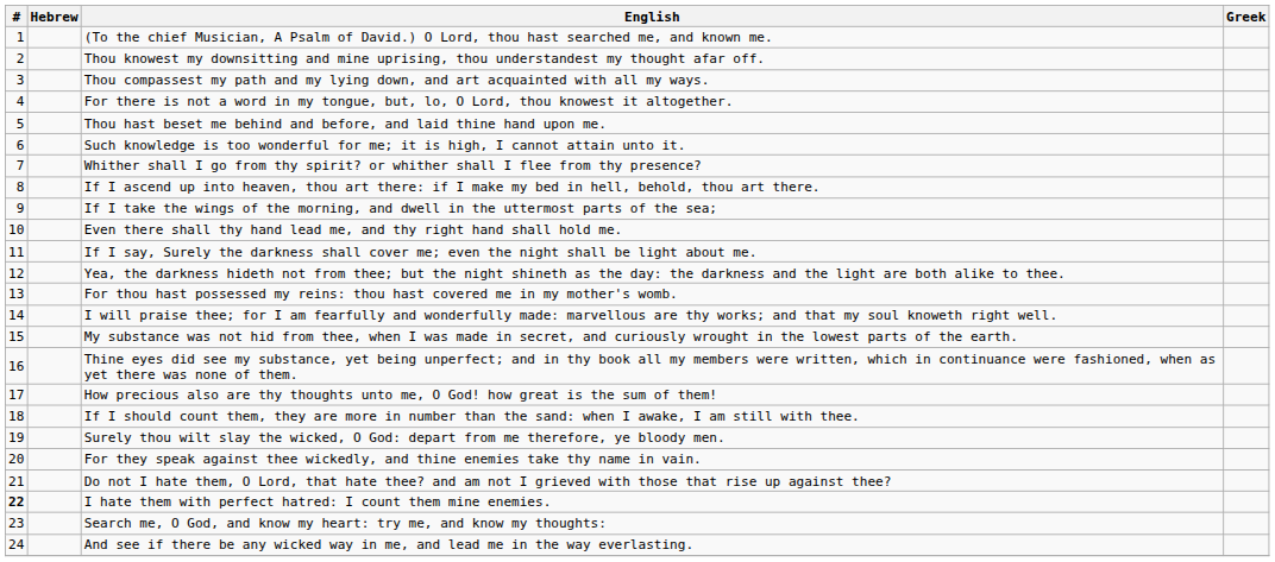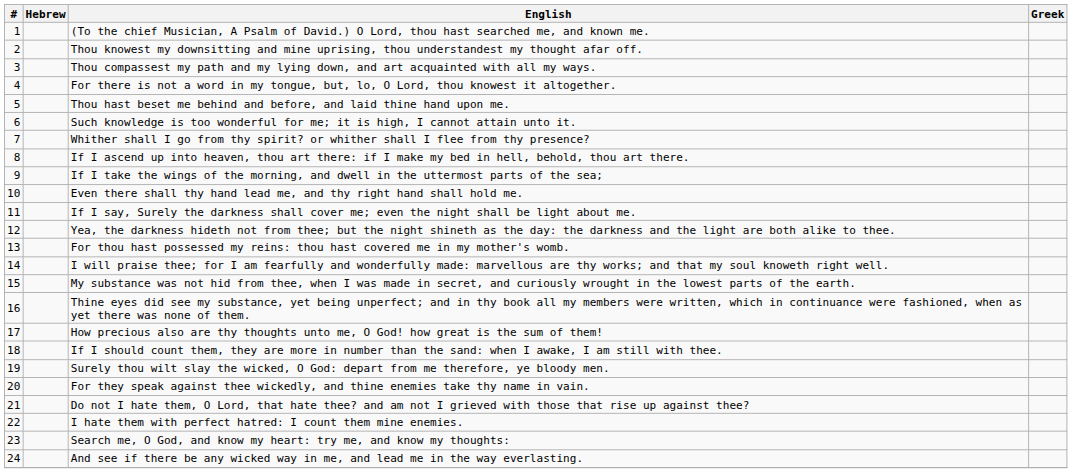 <table class=wikitable>
 <tr>
 <th>#</th>
 <th>Hebrew</th>
 <th>English</th>
 <th>Greek</th>
 </tr>
 <tr>
 <td style="text-align:right">1</td>
 <td style="text-align:right"></td>
 <td>(To the chief Musician, A Psalm of David.) O Lord, thou hast searched me, and known me.</td>
 <td></td>
 </tr>
 <tr>
 <td style="text-align:right">2</td>
 <td style="text-align:right"></td>
 <td>Thou knowest my downsitting and mine uprising, thou understandest my thought afar off.</td>
 <td></td>
 </tr>
 <tr>
 <td style="text-align:right">3</td>
 <td style="text-align:right"></td>
 <td>Thou compassest my path and my lying down, and art acquainted with all my ways.</td>
 <td></td>
 </tr>
 <tr>
 <td style="text-align:right">4</td>
 <td style="text-align:right"></td>
 <td>For there is not a word in my tongue, but, lo, O Lord, thou knowest it altogether.</td>
 <td></td>
 </tr>
 <tr>
 <td style="text-align:right">5</td>
 <td style="text-align:right"></td>
 <td>Thou hast beset me behind and before, and laid thine hand upon me.</td>
 <td></td>
 </tr>
 <tr>
 <td style="text-align:right">6</td>
 <td style="text-align:right"></td>
 <td>Such knowledge is too wonderful for me; it is high, I cannot attain unto it.</td>
 <td></td>
 </tr>
 <tr>
 <td style="text-align:right">7</td>
 <td style="text-align:right"></td>
 <td>Whither shall I go from thy spirit? or whither shall I flee from thy presence?</td>
 <td></td>
 </tr>
 <tr>
 <td style="text-align:right">8</td>
 <td style="text-align:right"></td>
 <td>If I ascend up into heaven, thou art there: if I make my bed in hell, behold, thou art there.</td>
 <td></td>
 </tr>
 <tr>
 <td style="text-align:right">9</td>
 <td style="text-align:right"></td>
 <td>If I take the wings of the morning, and dwell in the uttermost parts of the sea;</td>
 <td></td>
 </tr>
 <tr>
 <td style="text-align:right">10</td>
 <td style="text-align:right"></td>
 <td>Even there shall thy hand lead me, and thy right hand shall hold me.</td>
 <td></td>
 </tr>
 <tr>
 <td style="text-align:right">11</td>
 <td style="text-align:right"></td>
 <td>If I say, Surely the darkness shall cover me; even the night shall be light about me.</td>
 <td></td>
 </tr>
 <tr>
 <td style="text-align:right">12</td>
 <td style="text-align:right"></td>
 <td>Yea, the darkness hideth not from thee; but the night shineth as the day: the darkness and the light are both alike to thee.</td>
 <td></td>
 </tr>
 <tr>
 <td style="text-align:right">13</td>
 <td style="text-align:right"></td>
 <td>For thou hast possessed my reins: thou hast covered me in my mother's womb.</td>
 <td></td>
 </tr>
 <tr>
 <td style="text-align:right">14</td>
 <td style="text-align:right"></td>
 <td>I will praise thee; for I am fearfully and wonderfully made: marvellous are thy works; and that my soul knoweth right well.</td>
 <td></td>
 </tr>
 <tr>
 <td style="text-align:right">15</td>
 <td style="text-align:right"></td>
 <td>My substance was not hid from thee, when I was made in secret, and curiously wrought in the lowest parts of the earth.</td>
 <td></td>
 </tr>
 <tr>
 <td style="text-align:right">16</td>
 <td style="text-align:right"></td>
 <td>Thine eyes did see my substance, yet being unperfect; and in thy book all my members were written, which in continuance were fashioned, when as yet there was none of them.</td>
 <td></td>
 </tr>
 <tr>
 <td style="text-align:right">17</td>
 <td style="text-align:right"></td>
 <td>How precious also are thy thoughts unto me, O God! how great is the sum of them!</td>
 <td></td>
 </tr>
 <tr>
 <td style="text-align:right">18</td>
 <td style="text-align:right"></td>
 <td>If I should count them, they are more in number than the sand: when I awake, I am still with thee.</td>
 <td></td>
 </tr>
 <tr>
 <td style="text-align:right">19</td>
 <td style="text-align:right"></td>
 <td>Surely thou wilt slay the wicked, O God: depart from me therefore, ye bloody men.</td>
 <td></td>
 </tr>
 <tr>
 <td style="text-align:right">20</td>
 <td style="text-align:right"></td>
 <td>For they speak against thee wickedly, and thine enemies take thy name in vain.</td>
 <td></td>
 </tr>
 <tr>
 <td style="text-align:right">21</td>
 <td style="text-align:right"></td>
 <td>Do not I hate them, O Lord, that hate thee? and am not I grieved with those that rise up against thee?</td>
 <td></td>
 </tr>
 <tr>
-<td style="text-align:right"><strong>22</strong></td>
+<td style="text-align:right">22</td>
 <td style="text-align:right"></td>
 <td>I hate them with perfect hatred: I count them mine enemies.</td>
 <td></td>
 </tr>
 <tr>
 <td style="text-align:right">23</td>
 <td style="text-align:right"></td>
 <td>Search me, O God, and know my heart: try me, and know my thoughts:</td>
 <td></td>
 </tr>
 <tr>
 <td style="text-align:right">24</td>
 <td style="text-align:right"></td>
 <td>And see if there be any wicked way in me, and lead me in the way everlasting.</td>
 <td></td>
 </tr>
 <tr>
 </tr>
 </table>
